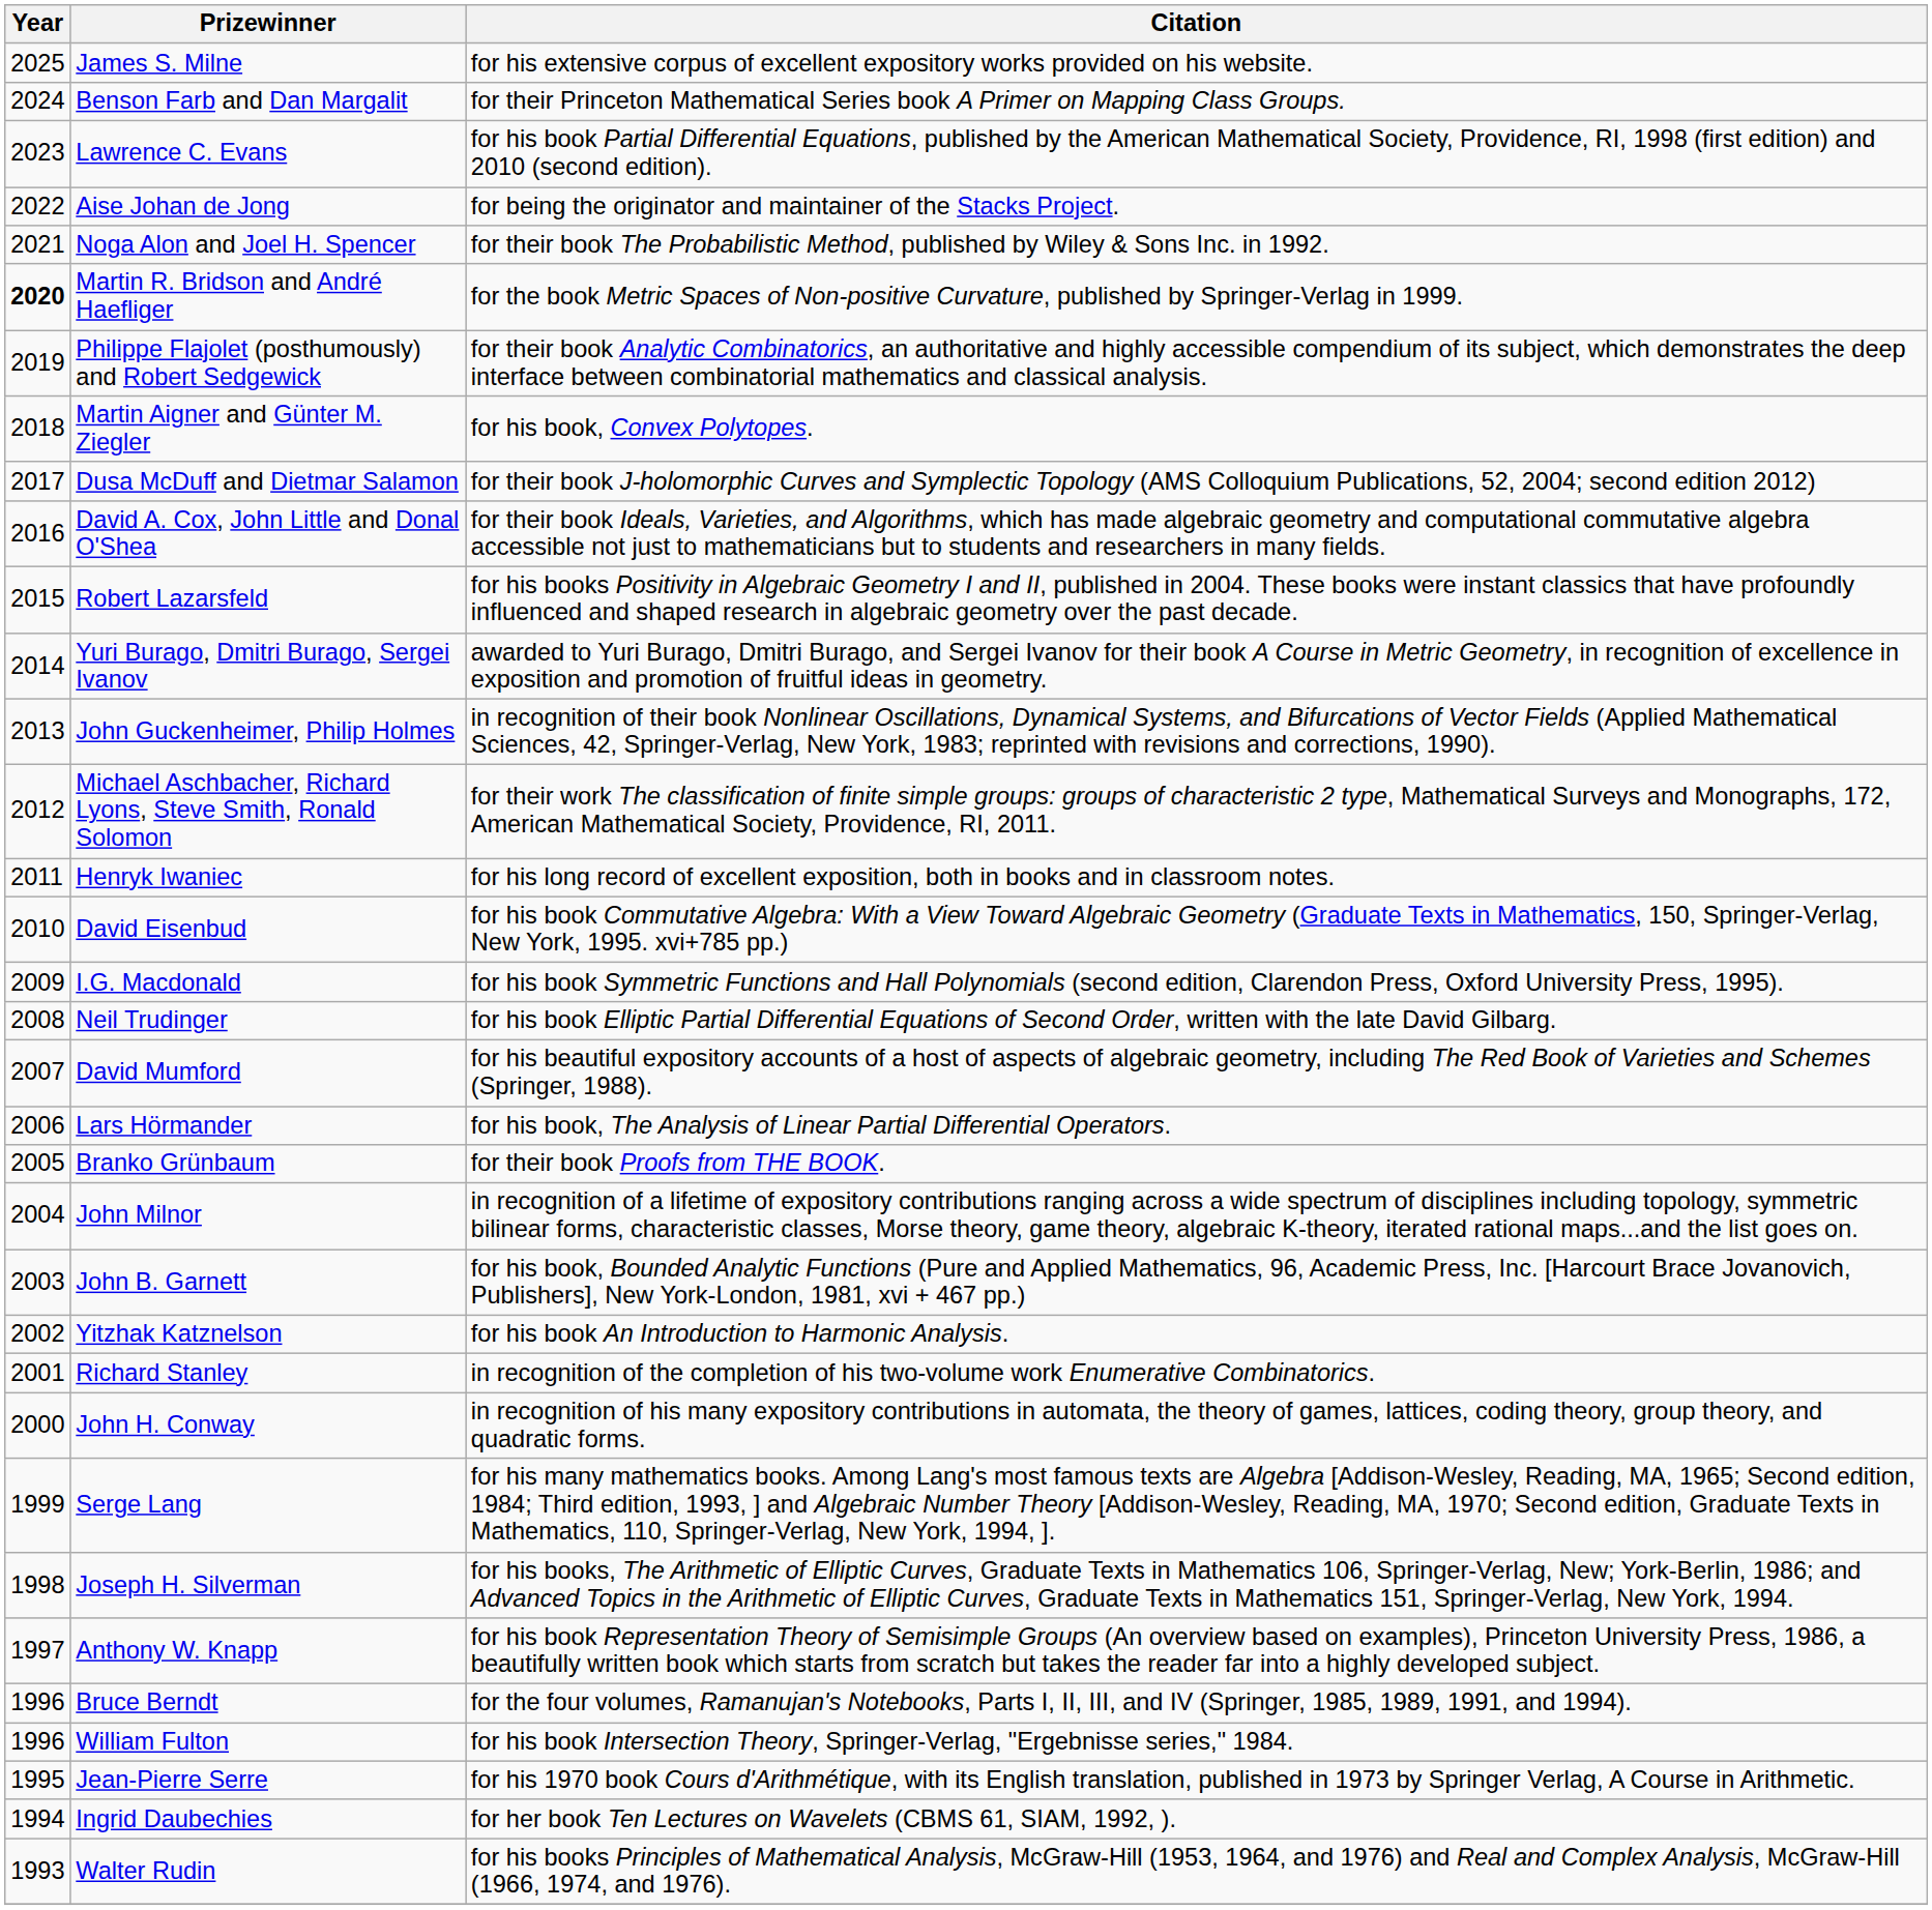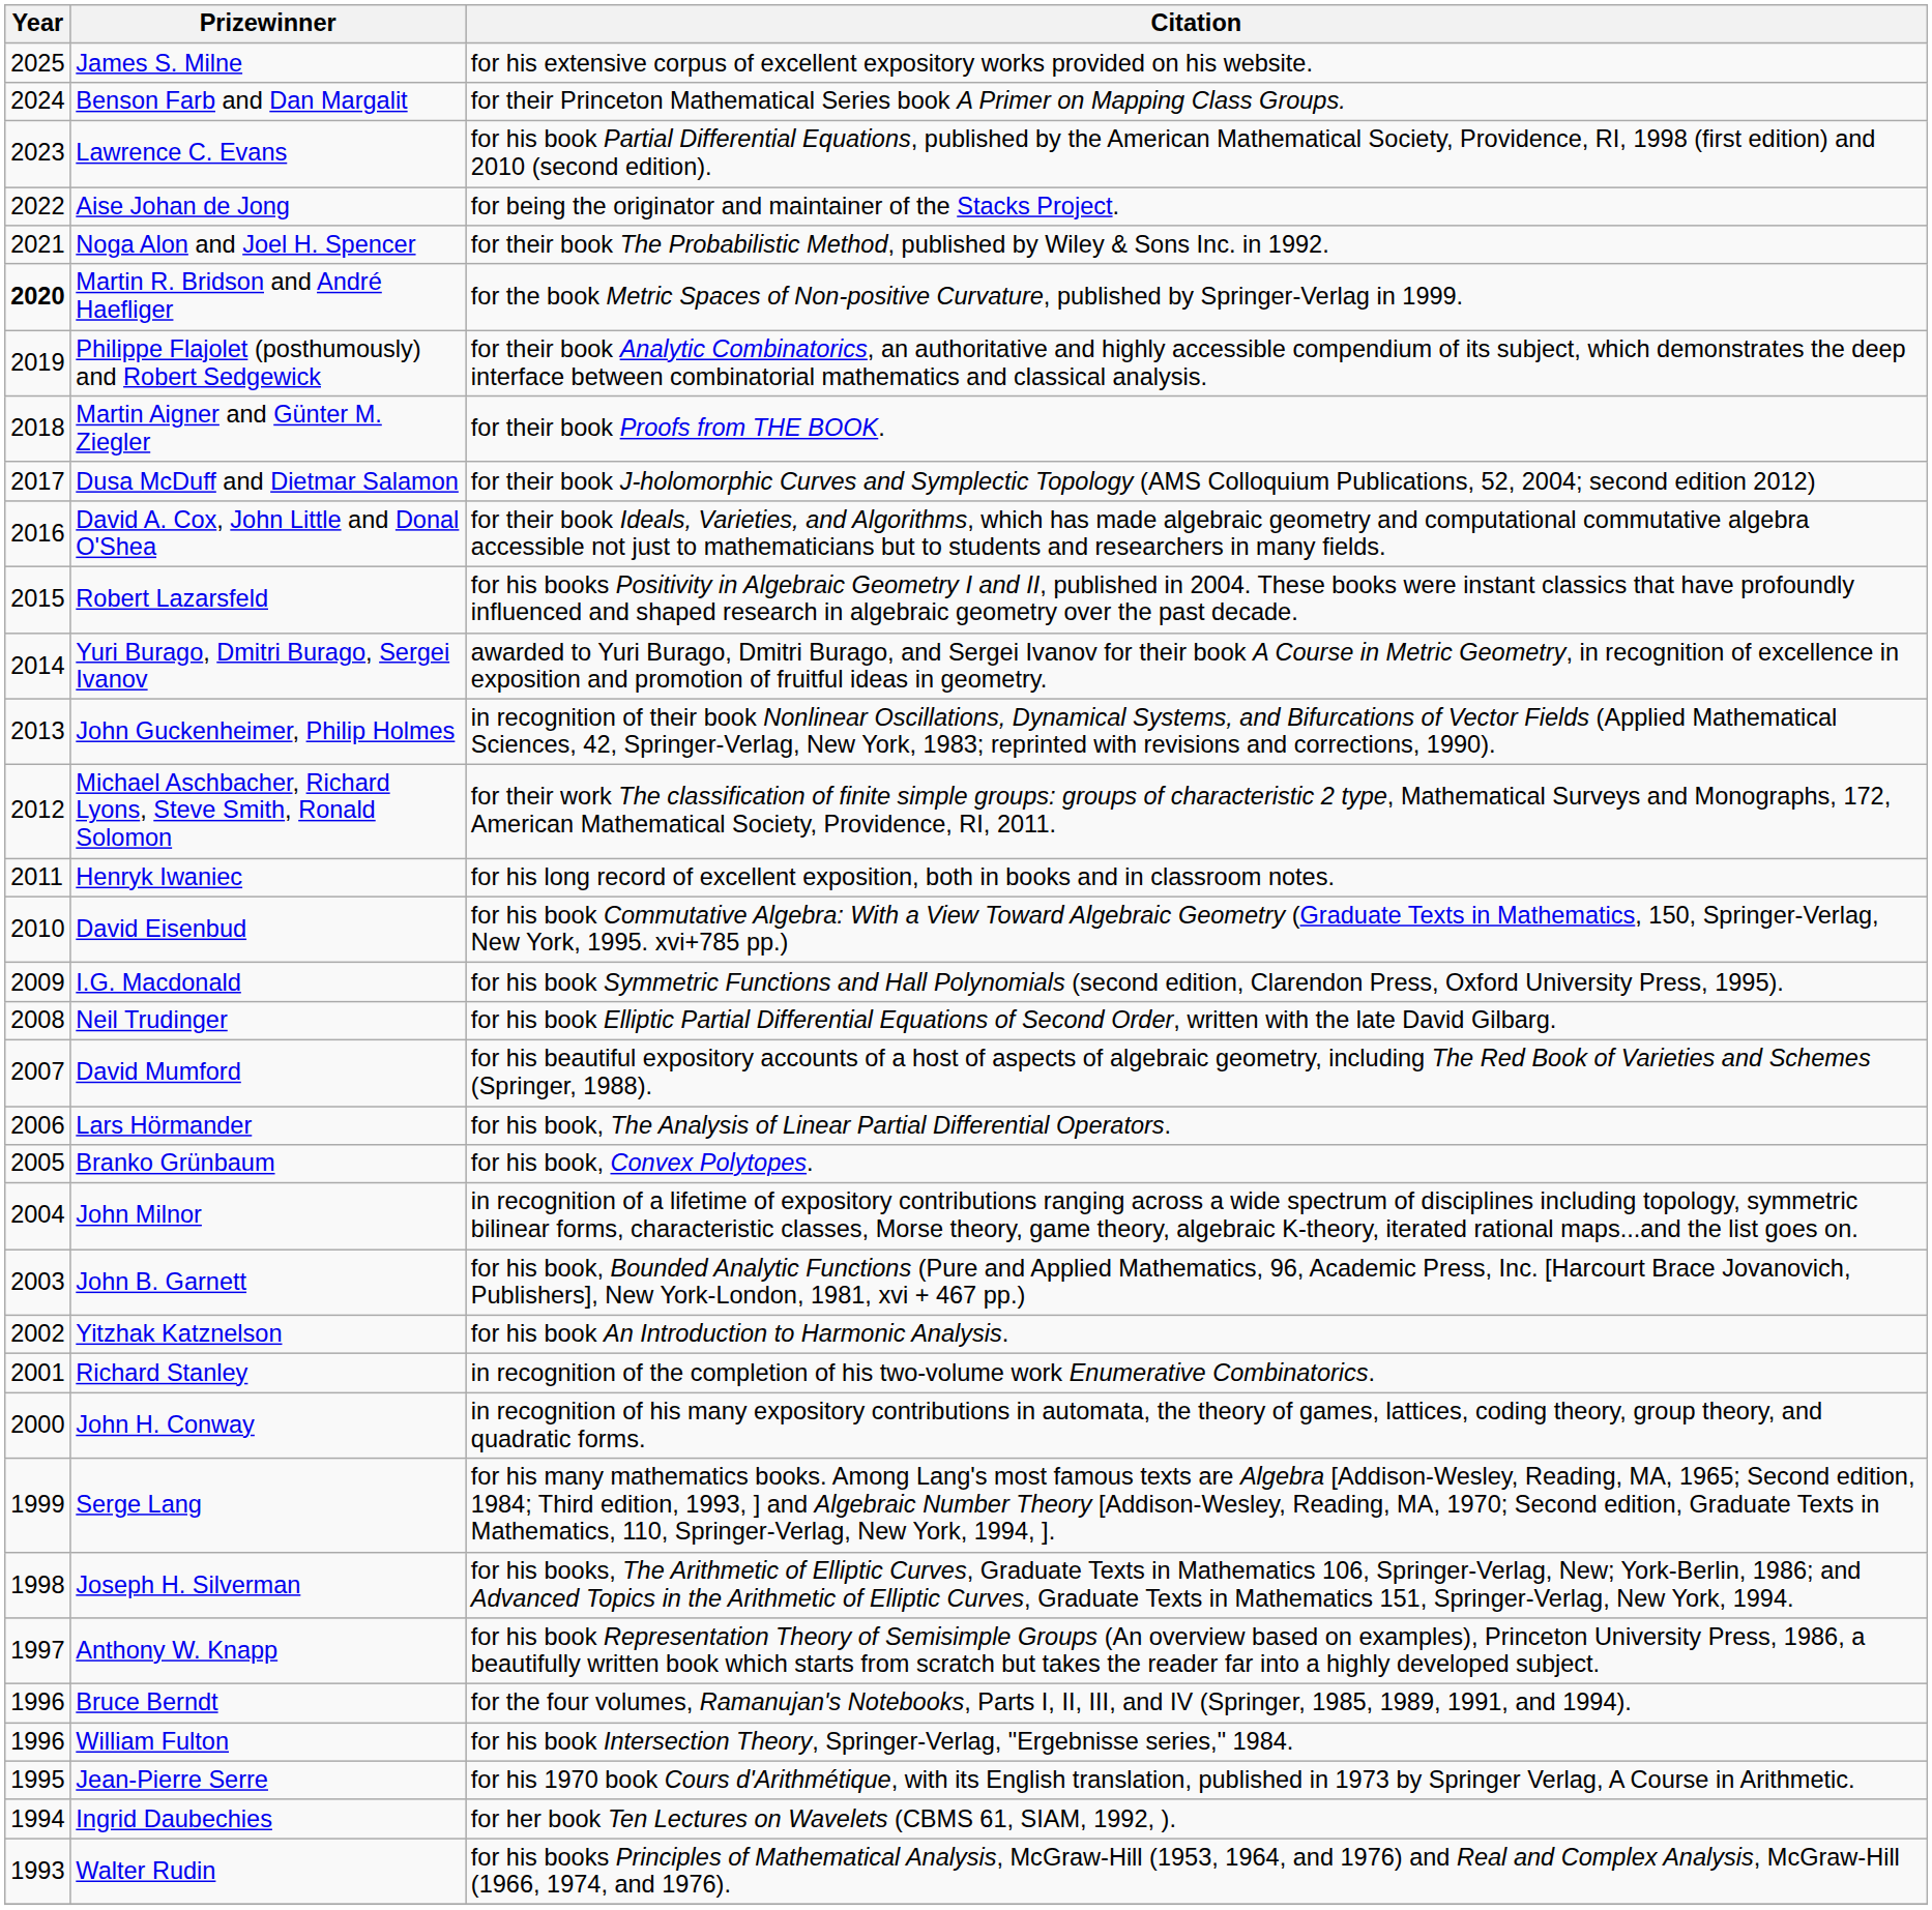 <table class="wikitable sortable" style="margin: 1ex auto 1ex auto">
 <tr>
 <th>Year</th>
 <th>Prizewinner</th>
 <th>Citation</th>
 </tr>
 <tr>
 <td>2025</td>
 <td><a href='#'>James S. Milne</a></td>
 <td>for his extensive corpus of excellent expository works provided on his website.</td>
 </tr>
 <tr>
 <td>2024</td>
 <td><a href='#'>Benson Farb</a> and <a href='#'>Dan Margalit</a></td>
 <td>for their Princeton Mathematical Series book <em>A Primer on Mapping Class Groups.</em></td>
 </tr>
 <tr>
 <td>2023</td>
 <td><a href='#'>Lawrence C. Evans</a></td>
 <td>for his book <em>Partial Differential Equations</em>, published by the American Mathematical Society, Providence, RI, 1998 (first edition) and 2010 (second edition).</td>
 </tr>
 <tr>
 <td>2022</td>
 <td><a href='#'>Aise Johan de Jong</a></td>
 <td>for being the originator and maintainer of the <a href='#'>Stacks Project</a>.</td>
 </tr>
 <tr>
 <td>2021</td>
 <td><a href='#'>Noga Alon</a> and <a href='#'>Joel H. Spencer</a></td>
 <td>for their book <em>The Probabilistic Method</em>, published by Wiley & Sons Inc. in 1992.</td>
 </tr>
 <tr>
 <td><strong>2020</strong></td>
 <td><a href='#'>Martin R. Bridson</a> and <a href='#'>André Haefliger</a></td>
 <td>for the book <em>Metric Spaces of Non-positive Curvature</em>, published by Springer-Verlag in 1999.</td>
 </tr>
 <tr>
 <td>2019</td>
 <td><a href='#'>Philippe Flajolet</a> (posthumously) and <a href='#'>Robert Sedgewick</a></td>
 <td>for their book <em><a href='#'>Analytic Combinatorics</a></em>, an authoritative and highly accessible compendium of its subject, which demonstrates the deep interface between combinatorial mathematics and classical analysis.</td>
 </tr>
 <tr>
 <td>2018</td>
 <td><a href='#'>Martin Aigner</a> and <a href='#'>Günter M. Ziegler</a></td>
-<td>for his book, <em><a href='#'>Convex Polytopes</a></em>.</td>
+<td>for their book <em><a href='#'>Proofs from THE BOOK</a></em>.</td>
 </tr>
 <tr>
 <td>2017</td>
 <td><a href='#'>Dusa McDuff</a> and <a href='#'>Dietmar Salamon</a></td>
 <td>for their book <em>J-holomorphic Curves and Symplectic Topology</em> (AMS Colloquium Publications, 52, 2004; second edition 2012)</td>
 </tr>
 <tr>
 <td>2016</td>
 <td><a href='#'>David A. Cox</a>, <a href='#'>John Little</a> and <a href='#'>Donal O'Shea</a></td>
 <td>for their book <em>Ideals, Varieties, and Algorithms</em>, which has made algebraic geometry and computational commutative algebra accessible not just to mathematicians but to students and researchers in many fields.</td>
 </tr>
 <tr>
 <td>2015</td>
 <td><a href='#'>Robert Lazarsfeld</a></td>
 <td>for his books <em>Positivity in Algebraic Geometry I and II</em>, published in 2004. These books were instant classics that have profoundly influenced and shaped research in algebraic geometry over the past decade.</td>
 </tr>
 <tr>
 <td>2014</td>
 <td><a href='#'>Yuri Burago</a>, <a href='#'>Dmitri Burago</a>, <a href='#'>Sergei Ivanov</a></td>
 <td>awarded to Yuri Burago, Dmitri Burago, and Sergei Ivanov for their book <em>A Course in Metric Geometry</em>, in recognition of excellence in exposition and promotion of fruitful ideas in geometry.</td>
 </tr>
 <tr>
 <td>2013</td>
 <td><a href='#'>John Guckenheimer</a>, <a href='#'>Philip Holmes</a></td>
 <td>in recognition of their book <em>Nonlinear Oscillations, Dynamical Systems, and Bifurcations of Vector Fields</em> (Applied Mathematical Sciences, 42, Springer-Verlag, New York, 1983; reprinted with revisions and corrections, 1990).</td>
 </tr>
 <tr>
 <td>2012</td>
 <td><a href='#'>Michael Aschbacher</a>, <a href='#'>Richard Lyons</a>, <a href='#'>Steve Smith</a>, <a href='#'>Ronald Solomon</a></td>
 <td>for their work <em>The classification of finite simple groups: groups of characteristic 2 type</em>, Mathematical Surveys and Monographs, 172, American Mathematical Society, Providence, RI, 2011.</td>
 </tr>
 <tr>
 <td>2011</td>
 <td><a href='#'>Henryk Iwaniec</a></td>
 <td>for his long record of excellent exposition, both in books and in classroom notes.</td>
 </tr>
 <tr>
 <td>2010</td>
 <td><a href='#'>David Eisenbud</a></td>
 <td>for his book <em>Commutative Algebra: With a View Toward Algebraic Geometry</em> (<a href='#'>Graduate Texts in Mathematics</a>, 150, Springer-Verlag, New York, 1995. xvi+785 pp.)</td>
 </tr>
 <tr>
 <td>2009</td>
 <td><a href='#'>I.G. Macdonald</a></td>
 <td>for his book <em>Symmetric Functions and Hall Polynomials</em> (second edition, Clarendon Press, Oxford University Press, 1995).</td>
 </tr>
 <tr>
 <td>2008</td>
 <td><a href='#'>Neil Trudinger</a></td>
 <td>for his book <em>Elliptic Partial Differential Equations of Second Order</em>, written with the late David Gilbarg.</td>
 </tr>
 <tr>
 <td>2007</td>
 <td><a href='#'>David Mumford</a></td>
 <td>for his beautiful expository accounts of a host of aspects of algebraic geometry, including <em>The Red Book of Varieties and Schemes</em> (Springer, 1988).</td>
 </tr>
 <tr>
 <td>2006</td>
 <td><a href='#'>Lars Hörmander</a></td>
 <td>for his book, <em>The Analysis of Linear Partial Differential Operators</em>.</td>
 </tr>
 <tr>
 <td>2005</td>
 <td><a href='#'>Branko Grünbaum</a></td>
-<td>for their book <em><a href='#'>Proofs from THE BOOK</a></em>.</td>
+<td>for his book, <em><a href='#'>Convex Polytopes</a></em>.</td>
 </tr>
 <tr>
 <td>2004</td>
 <td><a href='#'>John Milnor</a></td>
 <td>in recognition of a lifetime of expository contributions ranging across a wide spectrum of disciplines including topology, symmetric bilinear forms, characteristic classes, Morse theory, game theory, algebraic K-theory, iterated rational maps...and the list goes on.</td>
 </tr>
 <tr>
 <td>2003</td>
 <td><a href='#'>John B. Garnett</a></td>
 <td>for his book, <em>Bounded Analytic Functions</em> (Pure and Applied Mathematics, 96, Academic Press, Inc. [Harcourt Brace Jovanovich, Publishers], New York-London, 1981, xvi + 467 pp.)</td>
 </tr>
 <tr>
 <td>2002</td>
 <td><a href='#'>Yitzhak Katznelson</a></td>
 <td>for his book <em>An Introduction to Harmonic Analysis</em>.</td>
 </tr>
 <tr>
 <td>2001</td>
 <td><a href='#'>Richard Stanley</a></td>
 <td>in recognition of the completion of his two-volume work <em>Enumerative Combinatorics</em>.</td>
 </tr>
 <tr>
 <td>2000</td>
 <td><a href='#'>John H. Conway</a></td>
 <td>in recognition of his many expository contributions in automata, the theory of games, lattices, coding theory, group theory, and quadratic forms.</td>
 </tr>
 <tr>
 <td>1999</td>
 <td><a href='#'>Serge Lang</a></td>
 <td>for his many mathematics books. Among Lang's most famous texts are <em>Algebra</em> [Addison-Wesley, Reading, MA, 1965; Second edition, 1984; Third edition, 1993, ] and <em>Algebraic Number Theory</em> [Addison-Wesley, Reading, MA, 1970; Second edition, Graduate Texts in Mathematics, 110, Springer-Verlag, New York, 1994, ].</td>
 </tr>
 <tr>
 <td>1998</td>
 <td><a href='#'>Joseph H. Silverman</a></td>
 <td>for his books, <em>The Arithmetic of Elliptic Curves</em>, Graduate Texts in Mathematics 106, Springer-Verlag, New; York-Berlin, 1986; and <em>Advanced Topics in the Arithmetic of Elliptic Curves</em>, Graduate Texts in Mathematics 151, Springer-Verlag, New York, 1994.</td>
 </tr>
 <tr>
 <td>1997</td>
 <td><a href='#'>Anthony W. Knapp</a></td>
 <td>for his book <em>Representation Theory of Semisimple Groups</em> (An overview based on examples), Princeton University Press, 1986, a beautifully written book which starts from scratch but takes the reader far into a highly developed subject.</td>
 </tr>
 <tr>
 <td>1996</td>
 <td><a href='#'>Bruce Berndt</a></td>
 <td>for the four volumes, <em>Ramanujan's Notebooks</em>, Parts I, II, III, and IV (Springer, 1985, 1989, 1991, and 1994).</td>
 </tr>
 <tr>
 <td>1996</td>
 <td><a href='#'>William Fulton</a></td>
 <td>for his book <em>Intersection Theory</em>, Springer-Verlag, "Ergebnisse series," 1984.</td>
 </tr>
 <tr>
 <td>1995</td>
 <td><a href='#'>Jean-Pierre Serre</a></td>
 <td>for his 1970 book <em>Cours d'Arithmétique</em>, with its English translation, published in 1973 by Springer Verlag, A Course in Arithmetic.</td>
 </tr>
 <tr>
 <td>1994</td>
 <td><a href='#'>Ingrid Daubechies</a></td>
 <td>for her book <em>Ten Lectures on Wavelets</em> (CBMS 61, SIAM, 1992, ).</td>
 </tr>
 <tr>
 <td>1993</td>
 <td><a href='#'>Walter Rudin</a></td>
 <td>for his books <em>Principles of Mathematical Analysis</em>, McGraw-Hill (1953, 1964, and 1976) and <em>Real and Complex Analysis</em>, McGraw-Hill (1966, 1974, and 1976).</td>
 </tr>
 <tr>
 </tr>
 </table>
